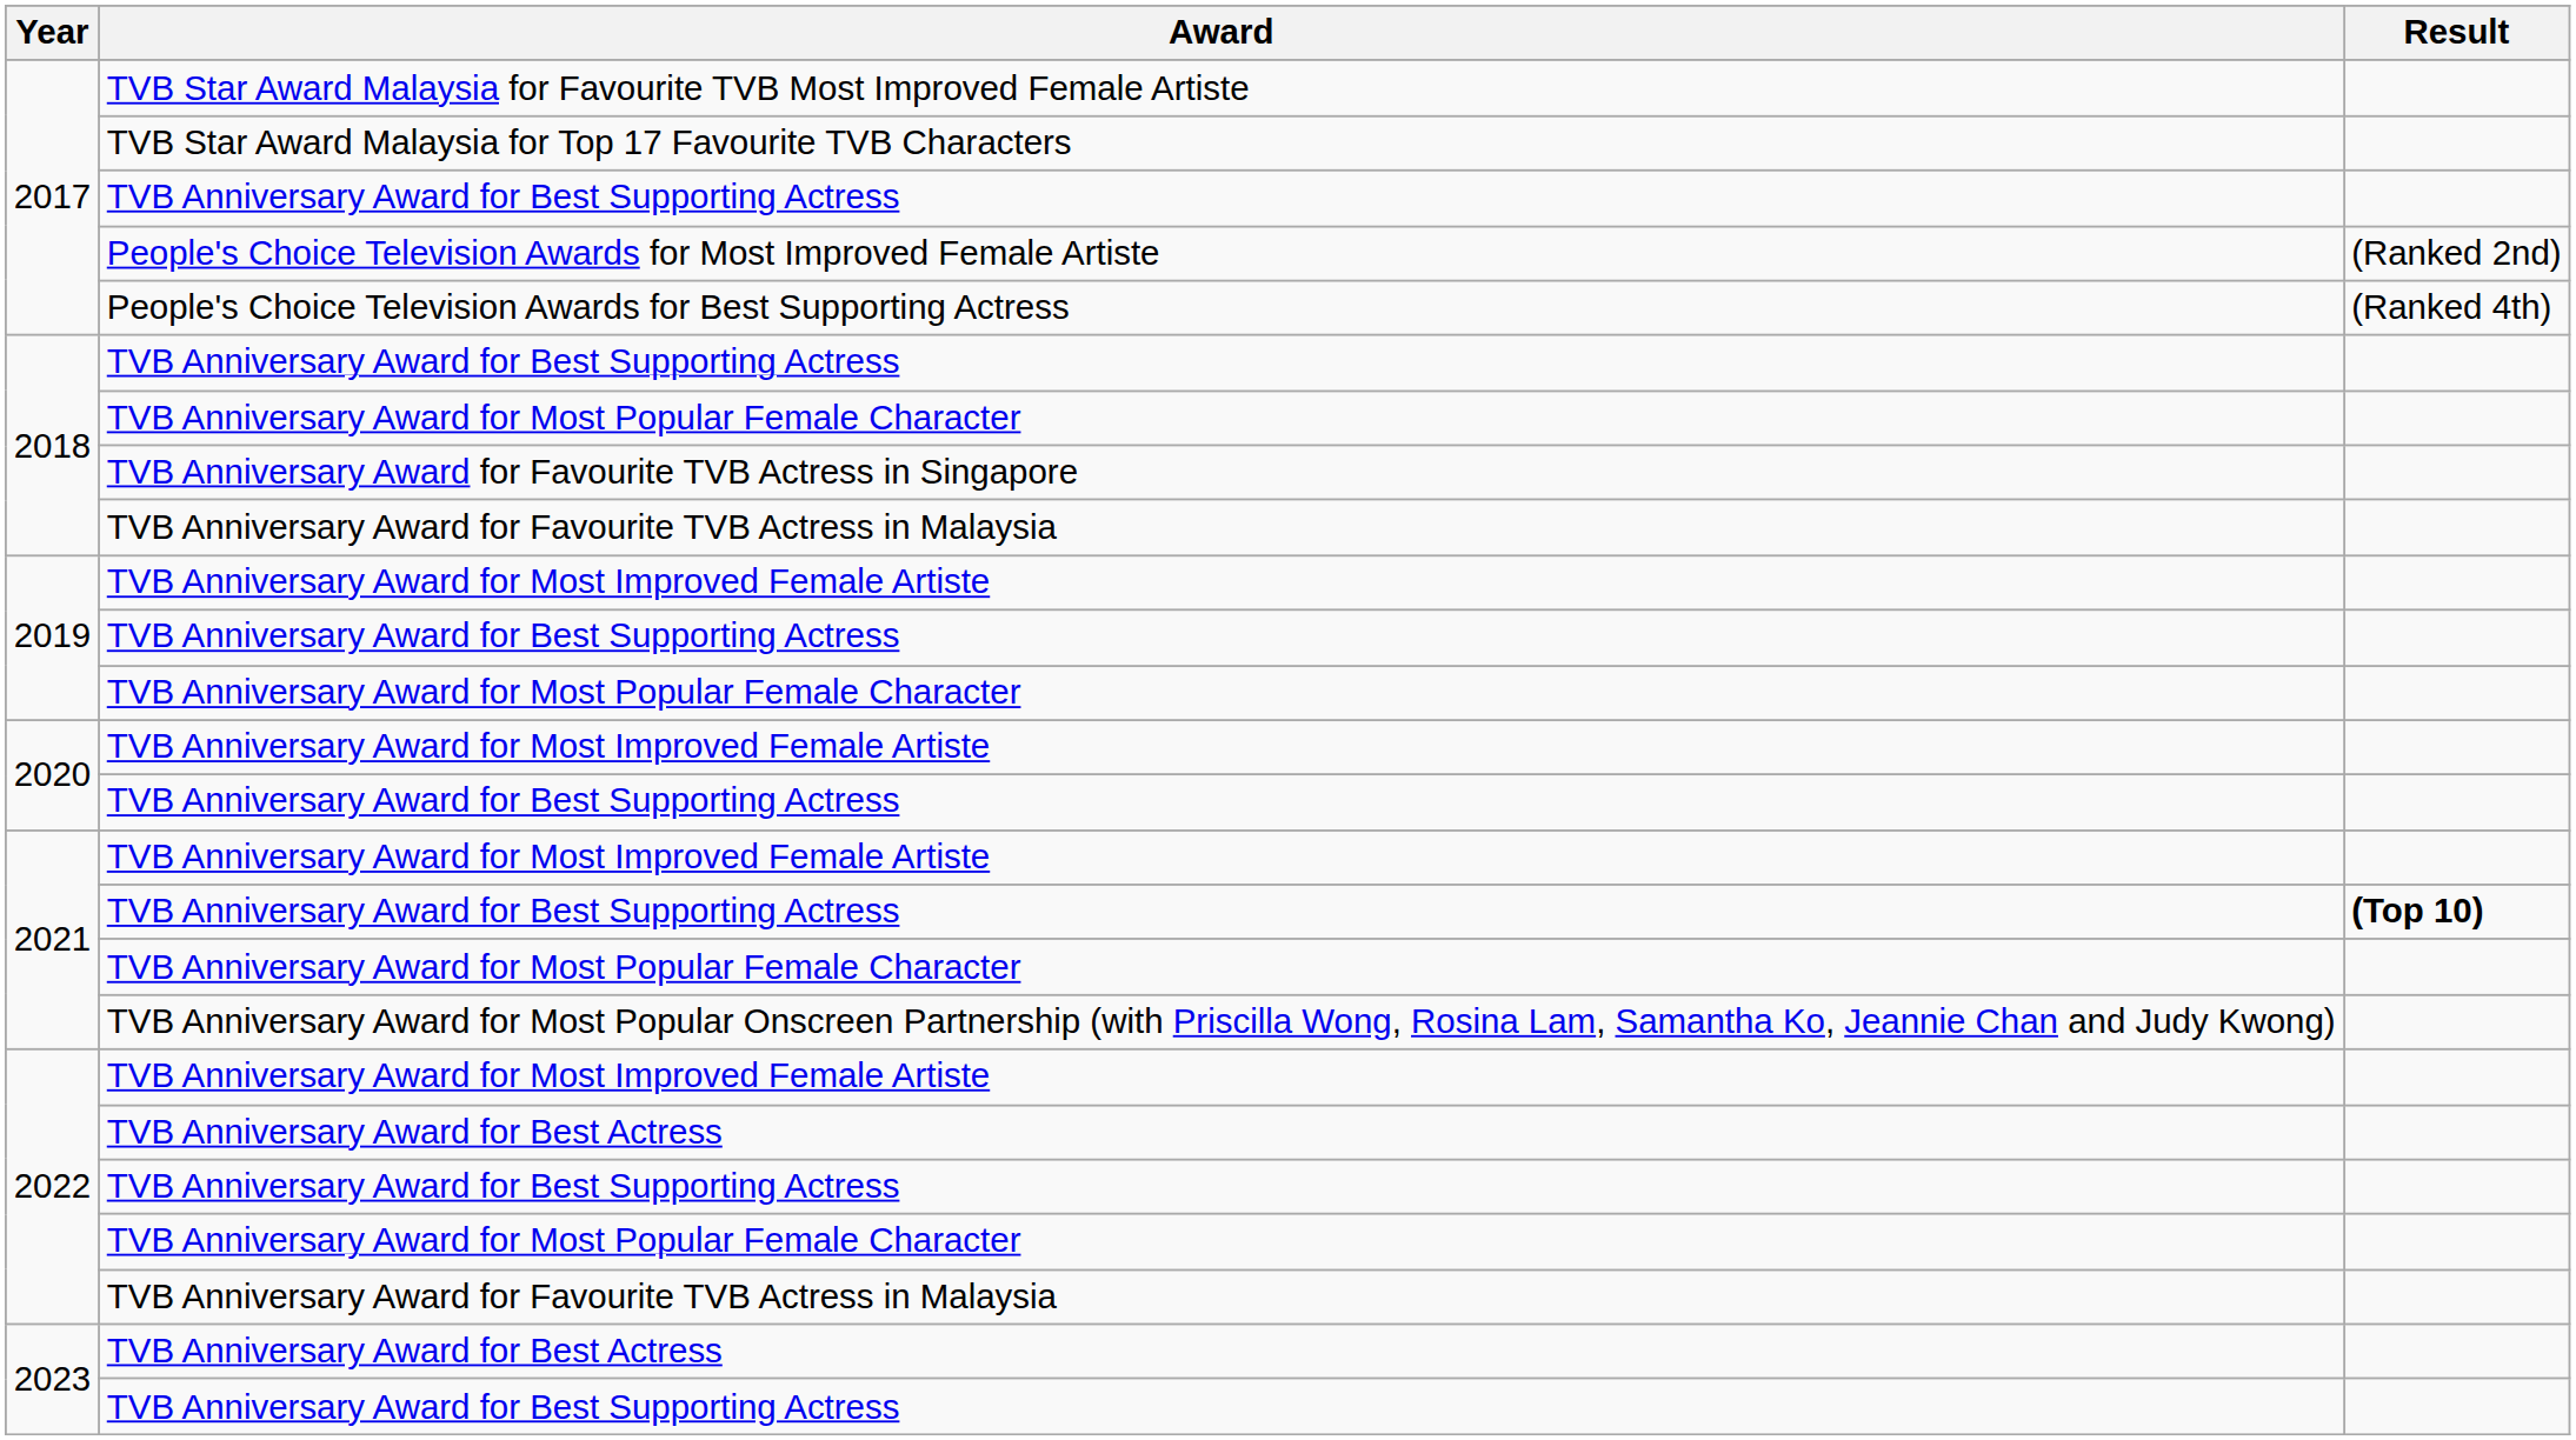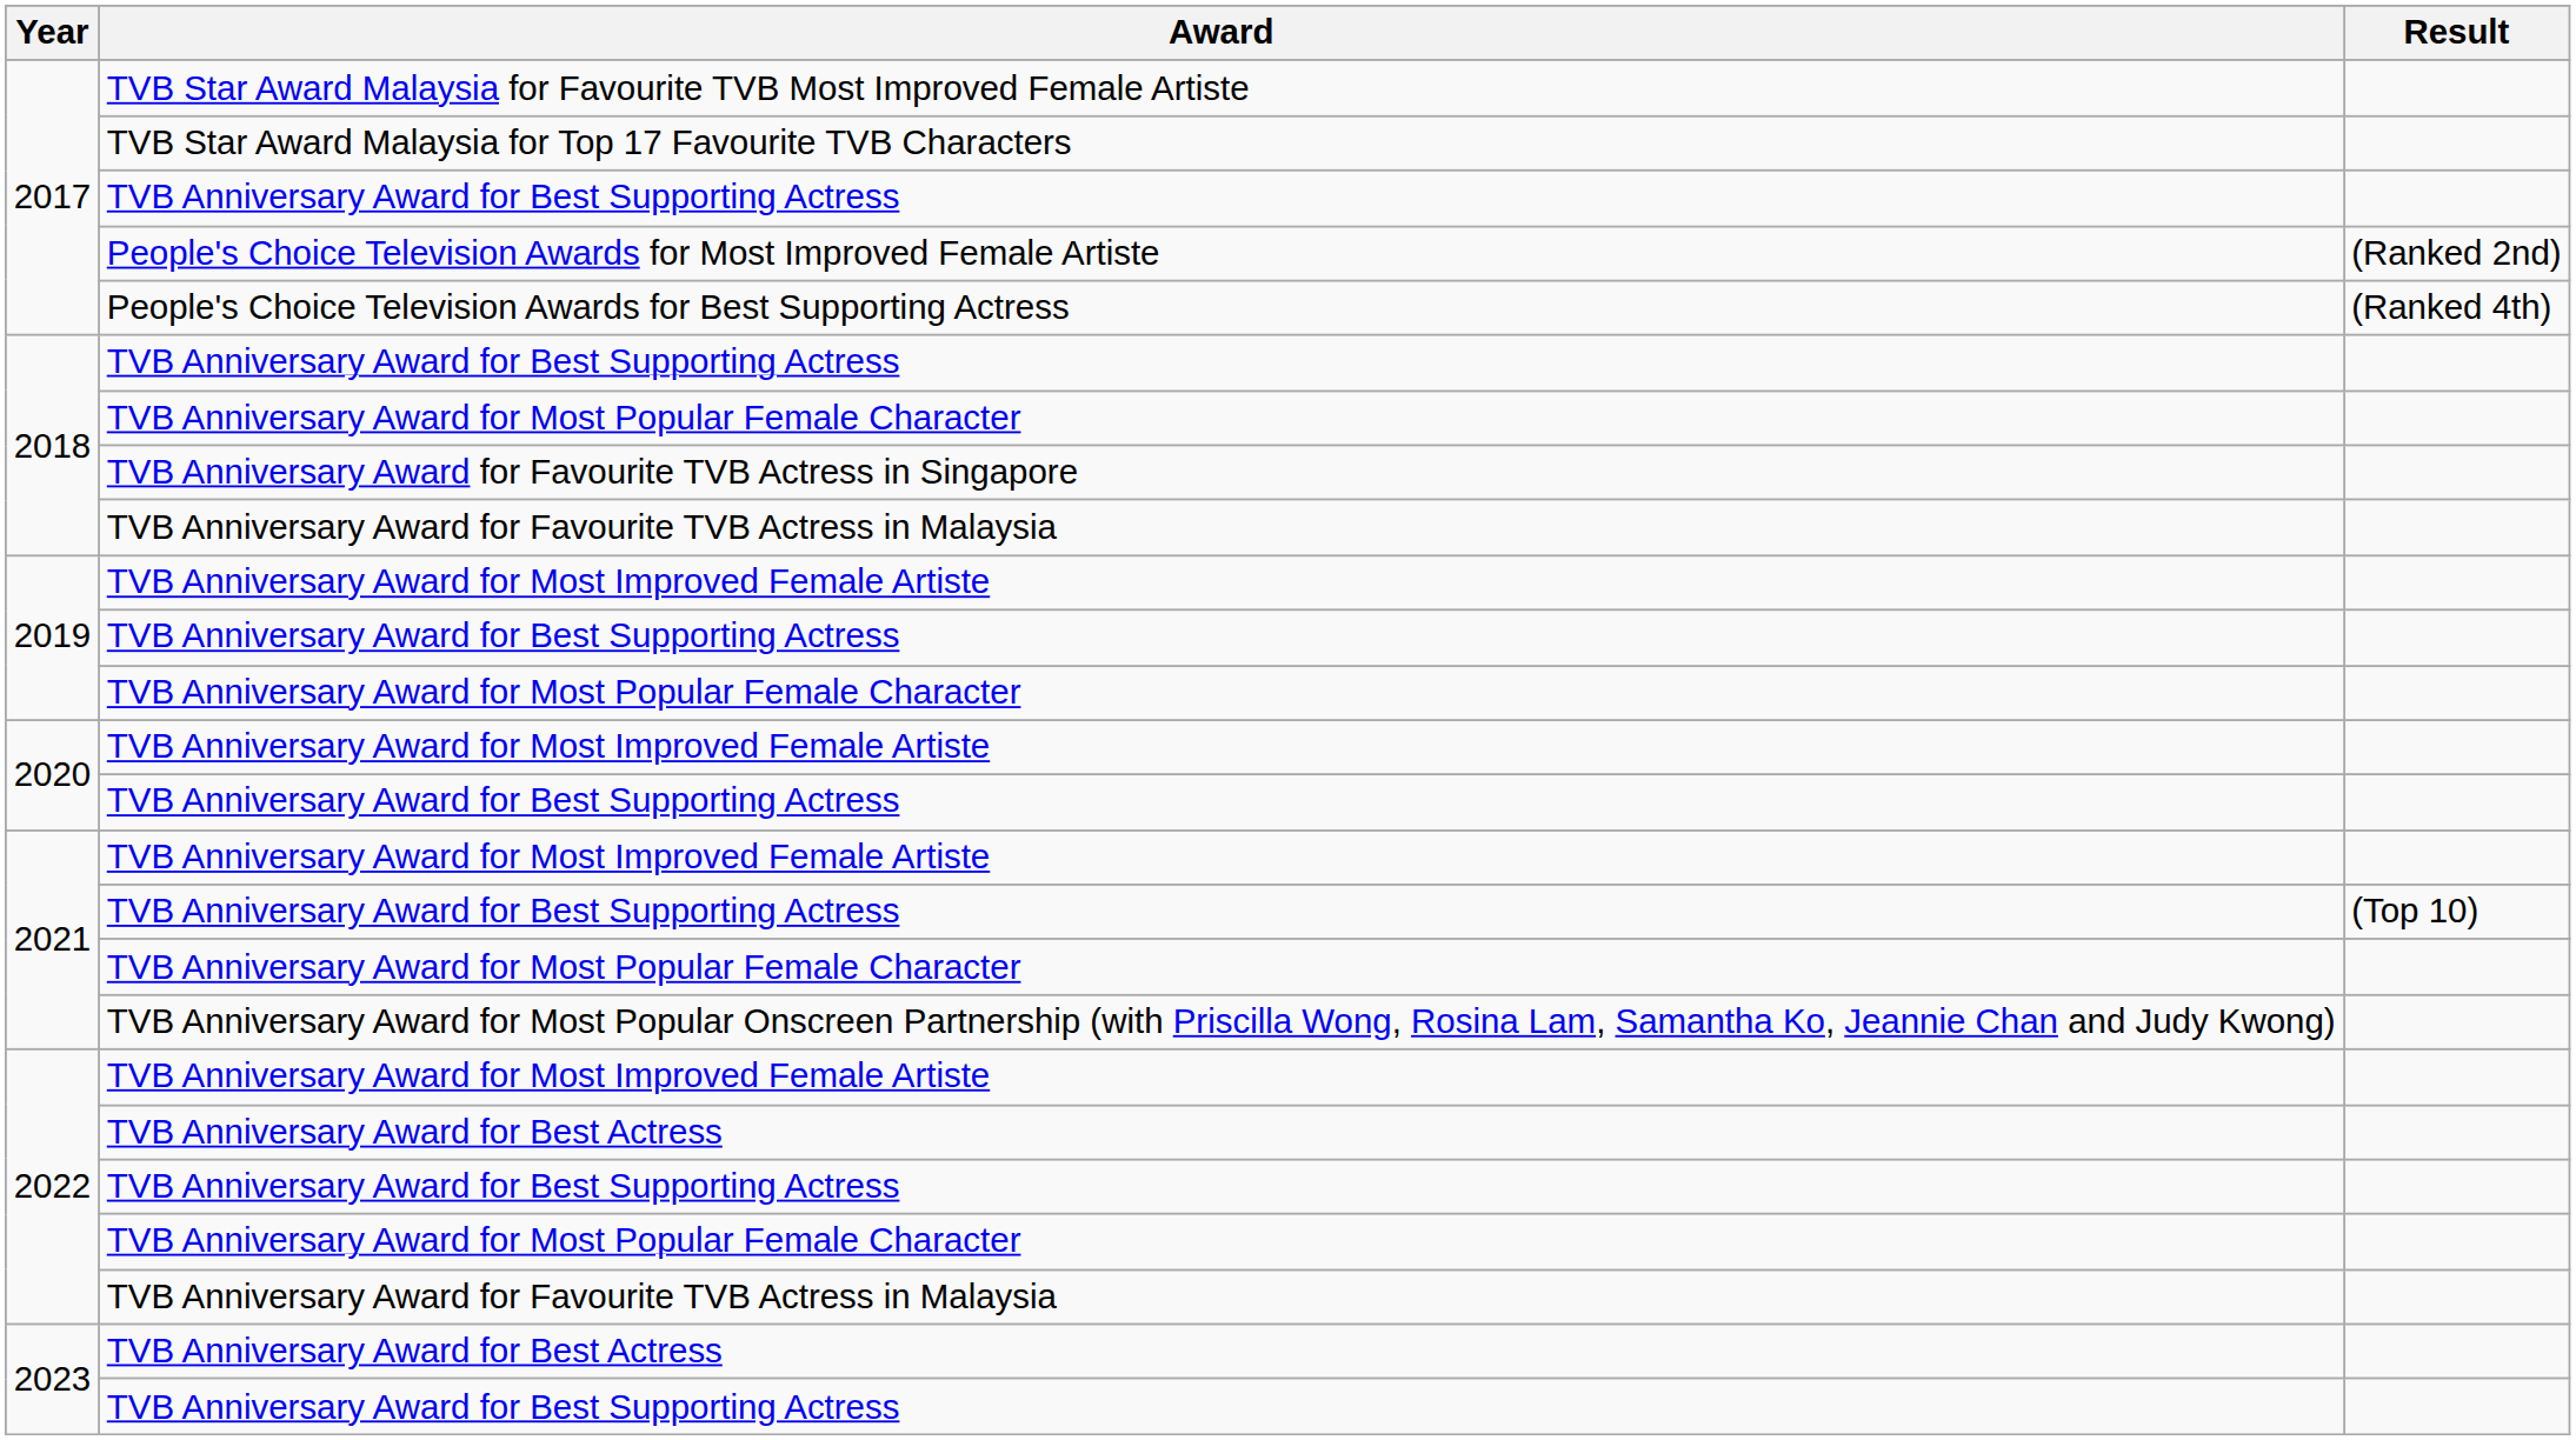 <table class="wikitable sortable">
 <tr>
 <th>Year</th>
 <th>Award</th>
 <th>Result</th>
 </tr>
 <tr>
 <td rowspan=5>2017</td>
 <td><a href='#'>TVB Star Award Malaysia</a> for Favourite TVB Most Improved Female Artiste</td>
 <td></td>
 </tr>
 <tr>
 <td>TVB Star Award Malaysia for Top 17 Favourite TVB Characters</td>
 <td></td>
 </tr>
 <tr>
 <td><a href='#'>TVB Anniversary Award for Best Supporting Actress</a></td>
 <td></td>
 </tr>
 <tr>
 <td><a href='#'>People's Choice Television Awards</a> for Most Improved Female Artiste</td>
 <td> (Ranked 2nd)</td>
 </tr>
 <tr>
 <td>People's Choice Television Awards for Best Supporting Actress</td>
 <td> (Ranked 4th)</td>
 </tr>
 <tr>
 <td rowspan=4>2018</td>
 <td><a href='#'>TVB Anniversary Award for Best Supporting Actress</a></td>
 <td></td>
 </tr>
 <tr>
 <td><a href='#'>TVB Anniversary Award for Most Popular Female Character</a></td>
 <td></td>
 </tr>
 <tr>
 <td><a href='#'>TVB Anniversary Award</a> for Favourite TVB Actress in Singapore</td>
 <td></td>
 </tr>
 <tr>
 <td>TVB Anniversary Award for Favourite TVB Actress in Malaysia</td>
 <td></td>
 </tr>
 <tr>
 <td rowspan=3>2019</td>
 <td><a href='#'>TVB Anniversary Award for Most Improved Female Artiste</a></td>
 <td></td>
 </tr>
 <tr>
 <td><a href='#'>TVB Anniversary Award for Best Supporting Actress</a></td>
 <td></td>
 </tr>
 <tr>
 <td><a href='#'>TVB Anniversary Award for Most Popular Female Character</a></td>
 <td></td>
 </tr>
 <tr>
 <td rowspan=2>2020</td>
 <td><a href='#'>TVB Anniversary Award for Most Improved Female Artiste</a></td>
 <td></td>
 </tr>
 <tr>
 <td><a href='#'>TVB Anniversary Award for Best Supporting Actress</a></td>
 <td></td>
 </tr>
 <tr>
 <td rowspan=4>2021</td>
 <td><a href='#'>TVB Anniversary Award for Most Improved Female Artiste</a></td>
 <td></td>
 </tr>
 <tr>
 <td><a href='#'>TVB Anniversary Award for Best Supporting Actress</a></td>
-<td><strong> (Top 10)</strong></td>
+<td> (Top 10)</td>
 </tr>
 <tr>
 <td><a href='#'>TVB Anniversary Award for Most Popular Female Character</a></td>
 <td></td>
 </tr>
 <tr>
 <td>TVB Anniversary Award for Most Popular Onscreen Partnership (with <a href='#'>Priscilla Wong</a>, <a href='#'>Rosina Lam</a>, <a href='#'>Samantha Ko</a>, <a href='#'>Jeannie Chan</a> and Judy Kwong)</td>
 <td></td>
 </tr>
 <tr>
 <td rowspan=5>2022</td>
 <td><a href='#'>TVB Anniversary Award for Most Improved Female Artiste</a></td>
 <td></td>
 </tr>
 <tr>
 <td><a href='#'>TVB Anniversary Award for Best Actress</a></td>
 <td></td>
 </tr>
 <tr>
 <td><a href='#'>TVB Anniversary Award for Best Supporting Actress</a></td>
 <td></td>
 </tr>
 <tr>
 <td><a href='#'>TVB Anniversary Award for Most Popular Female Character</a></td>
 <td></td>
 </tr>
 <tr>
 <td>TVB Anniversary Award for Favourite TVB Actress in Malaysia</td>
 <td></td>
 </tr>
 <tr>
 <td rowspan=2>2023</td>
 <td><a href='#'>TVB Anniversary Award for Best Actress</a></td>
 <td></td>
 </tr>
 <tr>
 <td><a href='#'>TVB Anniversary Award for Best Supporting Actress</a></td>
 <td></td>
 </tr>
 </table>
